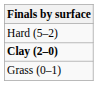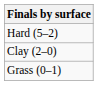 <table class=wikitable style=font-size:90%>
 <tr>
 <th>Finals by surface</th>
 </tr>
 <tr>
 <td>Hard (5–2)</td>
 </tr>
 <tr>
-<td><strong>Clay (2–0)</strong></td>
+<td>Clay (2–0)</td>
 </tr>
 <tr>
 <td>Grass (0–1)</td>
 </tr>
 </table>
